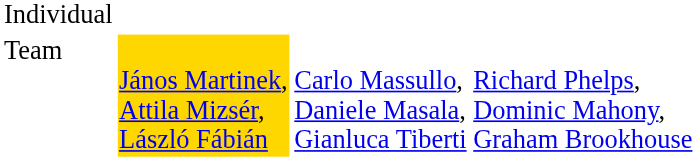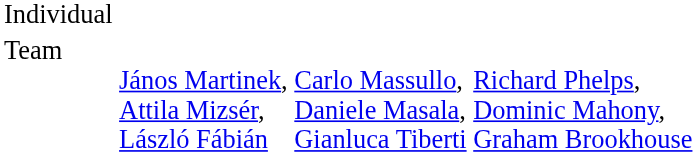 <table>
 <tr valign="top">
 <td>Individual</td>
 <td></td>
 <td></td>
 <td></td>
 </tr>
 <tr valign="top">
 <td>Team</td>
-<td valign=top style="background: gold;"><br><a href='#'>János Martinek</a>,<br><a href='#'>Attila Mizsér</a>,<br><a href='#'>László Fábián</a></td>
+<td valign=top><br><a href='#'>János Martinek</a>,<br><a href='#'>Attila Mizsér</a>,<br><a href='#'>László Fábián</a></td>
 <td valign=top><br><a href='#'>Carlo Massullo</a>,<br><a href='#'>Daniele Masala</a>,<br><a href='#'>Gianluca Tiberti</a></td>
 <td valign=top><br><a href='#'>Richard Phelps</a>,<br><a href='#'>Dominic Mahony</a>,<br> <a href='#'>Graham Brookhouse</a></td>
 </tr>
 </table>
